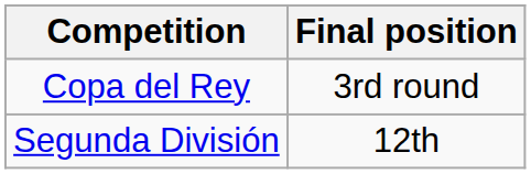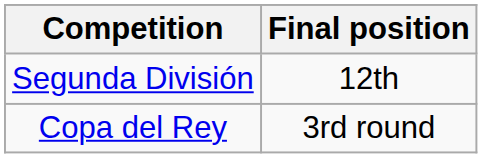 <table class="wikitable" style="font-size:100%; text-align:center">
 <tr>
 <th>Competition</th>
 <th>Final position</th>
 </tr>
 <tr style="background:">
+<td><a href='#'>Segunda División</a></td>
+<td>12th</td>
+</tr>
+<tr style="background:">
 <td><a href='#'>Copa del Rey</a></td>
 <td>3rd round</td>
 </tr>
-<tr style="background:">
-<td><a href='#'>Segunda División</a></td>
-<td>12th</td>
-</tr>
 </table>
